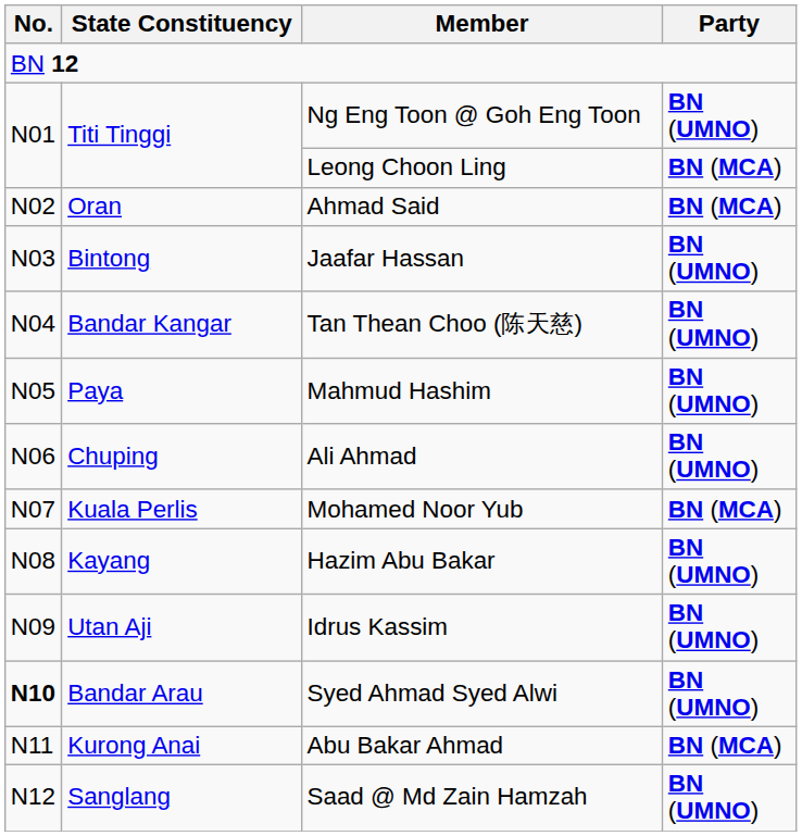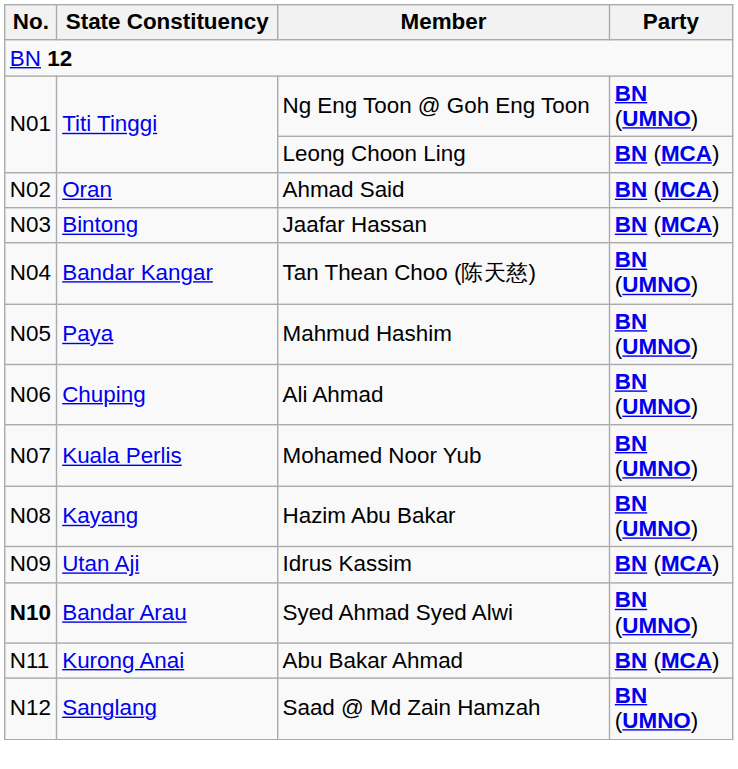 <table class="wikitable sortable">
 <tr>
 <th style="width:30px;">No.</th>
 <th style="width:150px;">State Constituency</th>
 <th style="width:230px;">Member</th>
 <th style="width:80px;">Party</th>
 </tr>
 <tr>
 <td colspan="4"><a href='#'>BN</a> <strong>12</strong></td>
 </tr>
 <tr>
 <td rowspan=2>N01</td>
 <td rowspan=2><a href='#'>Titi Tinggi</a></td>
 <td>Ng Eng Toon @ Goh Eng Toon </td>
 <td><strong><a href='#'>BN</a></strong> (<strong><a href='#'>UMNO</a></strong>)</td>
 </tr>
 <tr>
 <td>Leong Choon Ling </td>
 <td><strong><a href='#'>BN</a></strong> (<strong><a href='#'>MCA</a></strong>)</td>
 </tr>
 <tr>
 <td>N02</td>
 <td><a href='#'>Oran</a></td>
 <td>Ahmad Said</td>
 <td><strong><a href='#'>BN</a></strong> (<strong><a href='#'>MCA</a></strong>)</td>
 </tr>
 <tr>
 <td>N03</td>
 <td><a href='#'>Bintong</a></td>
 <td>Jaafar Hassan</td>
-<td><strong><a href='#'>BN</a></strong> (<strong><a href='#'>UMNO</a></strong>)</td>
+<td><strong><a href='#'>BN</a></strong> (<strong><a href='#'>MCA</a></strong>)</td>
 </tr>
 <tr>
 <td>N04</td>
 <td><a href='#'>Bandar Kangar</a></td>
 <td>Tan Thean Choo (陈天慈)</td>
 <td><strong><a href='#'>BN</a></strong> (<strong><a href='#'>UMNO</a></strong>)</td>
 </tr>
 <tr>
 <td>N05</td>
 <td><a href='#'>Paya</a></td>
 <td>Mahmud Hashim</td>
 <td><strong><a href='#'>BN</a></strong> (<strong><a href='#'>UMNO</a></strong>)</td>
 </tr>
 <tr>
 <td>N06</td>
 <td><a href='#'>Chuping</a></td>
 <td>Ali Ahmad</td>
 <td><strong><a href='#'>BN</a></strong> (<strong><a href='#'>UMNO</a></strong>)</td>
 </tr>
 <tr>
 <td>N07</td>
 <td><a href='#'>Kuala Perlis</a></td>
 <td>Mohamed Noor Yub</td>
-<td><strong><a href='#'>BN</a></strong> (<strong><a href='#'>MCA</a></strong>)</td>
+<td><strong><a href='#'>BN</a></strong> (<strong><a href='#'>UMNO</a></strong>)</td>
 </tr>
 <tr>
 <td>N08</td>
 <td><a href='#'>Kayang</a></td>
 <td>Hazim Abu Bakar</td>
 <td><strong><a href='#'>BN</a></strong> (<strong><a href='#'>UMNO</a></strong>)</td>
 </tr>
 <tr>
 <td>N09</td>
 <td><a href='#'>Utan Aji</a></td>
 <td>Idrus Kassim</td>
-<td><strong><a href='#'>BN</a></strong> (<strong><a href='#'>UMNO</a></strong>)</td>
+<td><strong><a href='#'>BN</a></strong> (<strong><a href='#'>MCA</a></strong>)</td>
 </tr>
 <tr>
 <td><strong>N10</strong></td>
 <td><a href='#'>Bandar Arau</a></td>
 <td>Syed Ahmad Syed Alwi</td>
 <td><strong><a href='#'>BN</a></strong> (<strong><a href='#'>UMNO</a></strong>)</td>
 </tr>
 <tr>
 <td>N11</td>
 <td><a href='#'>Kurong Anai</a></td>
 <td>Abu Bakar Ahmad</td>
 <td><strong><a href='#'>BN</a></strong> (<strong><a href='#'>MCA</a></strong>)</td>
 </tr>
 <tr>
 <td>N12</td>
 <td><a href='#'>Sanglang</a></td>
 <td>Saad @ Md Zain Hamzah</td>
 <td><strong><a href='#'>BN</a></strong> (<strong><a href='#'>UMNO</a></strong>)</td>
 </tr>
 </table>
